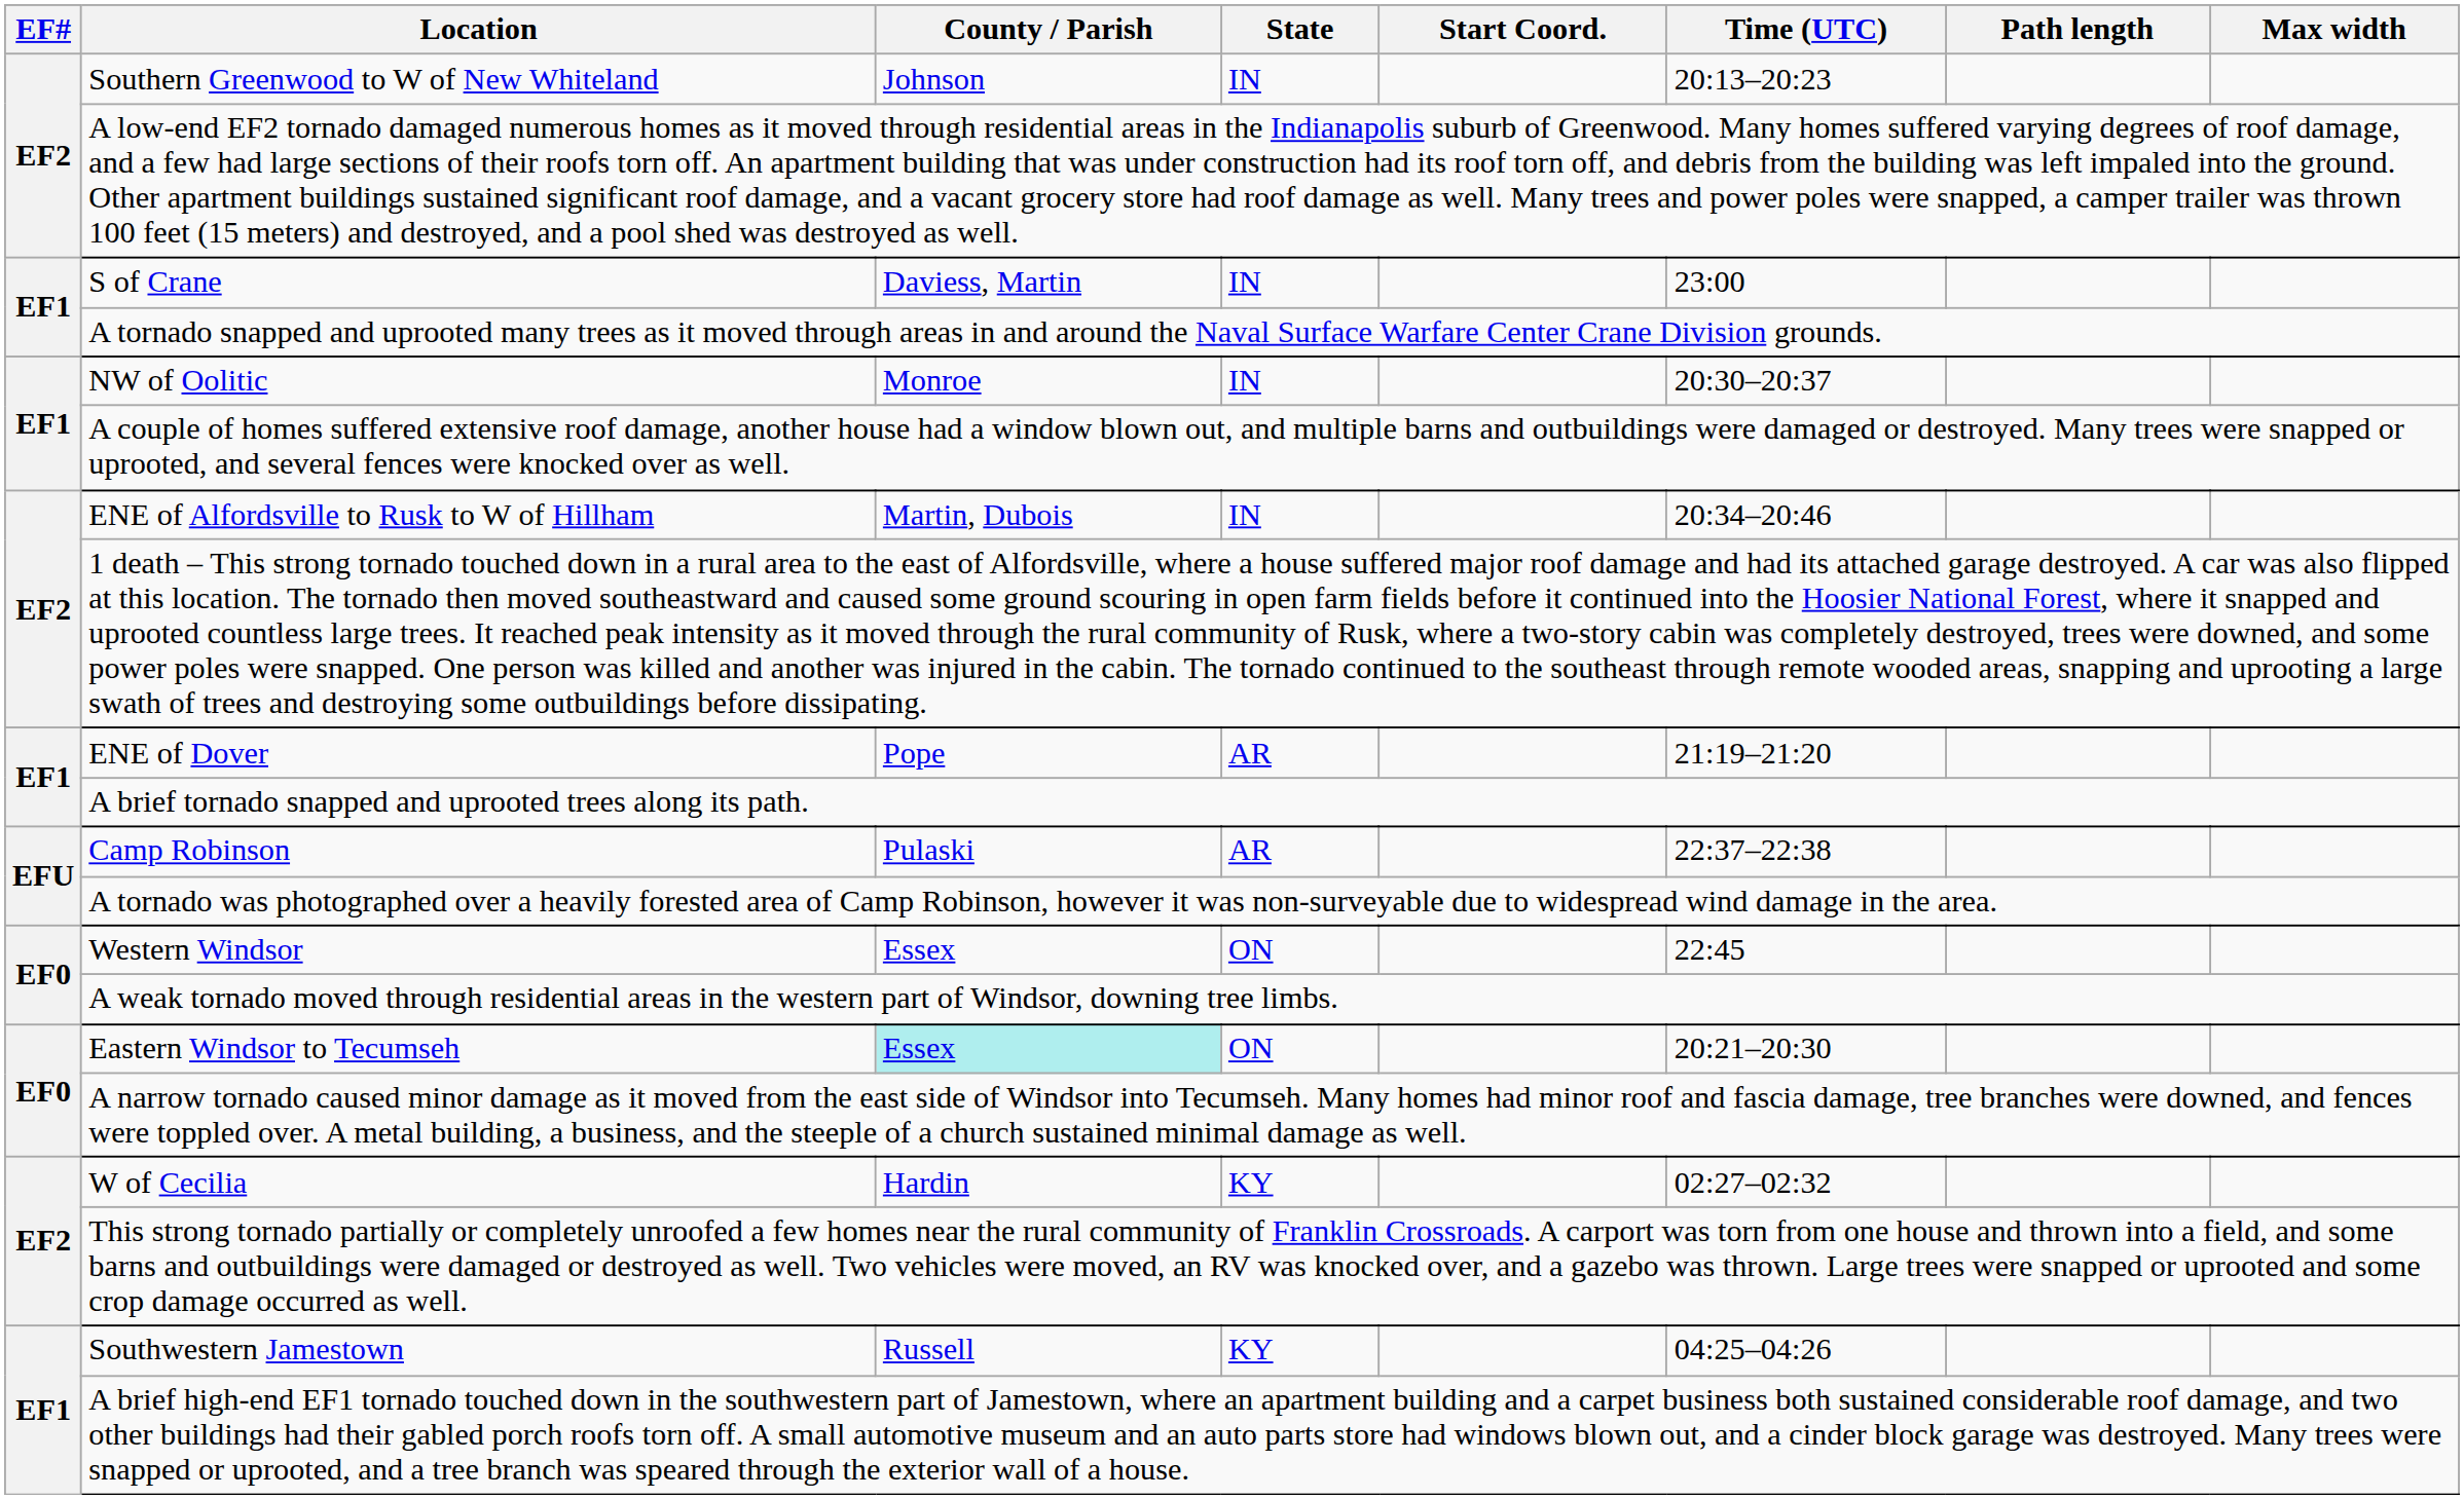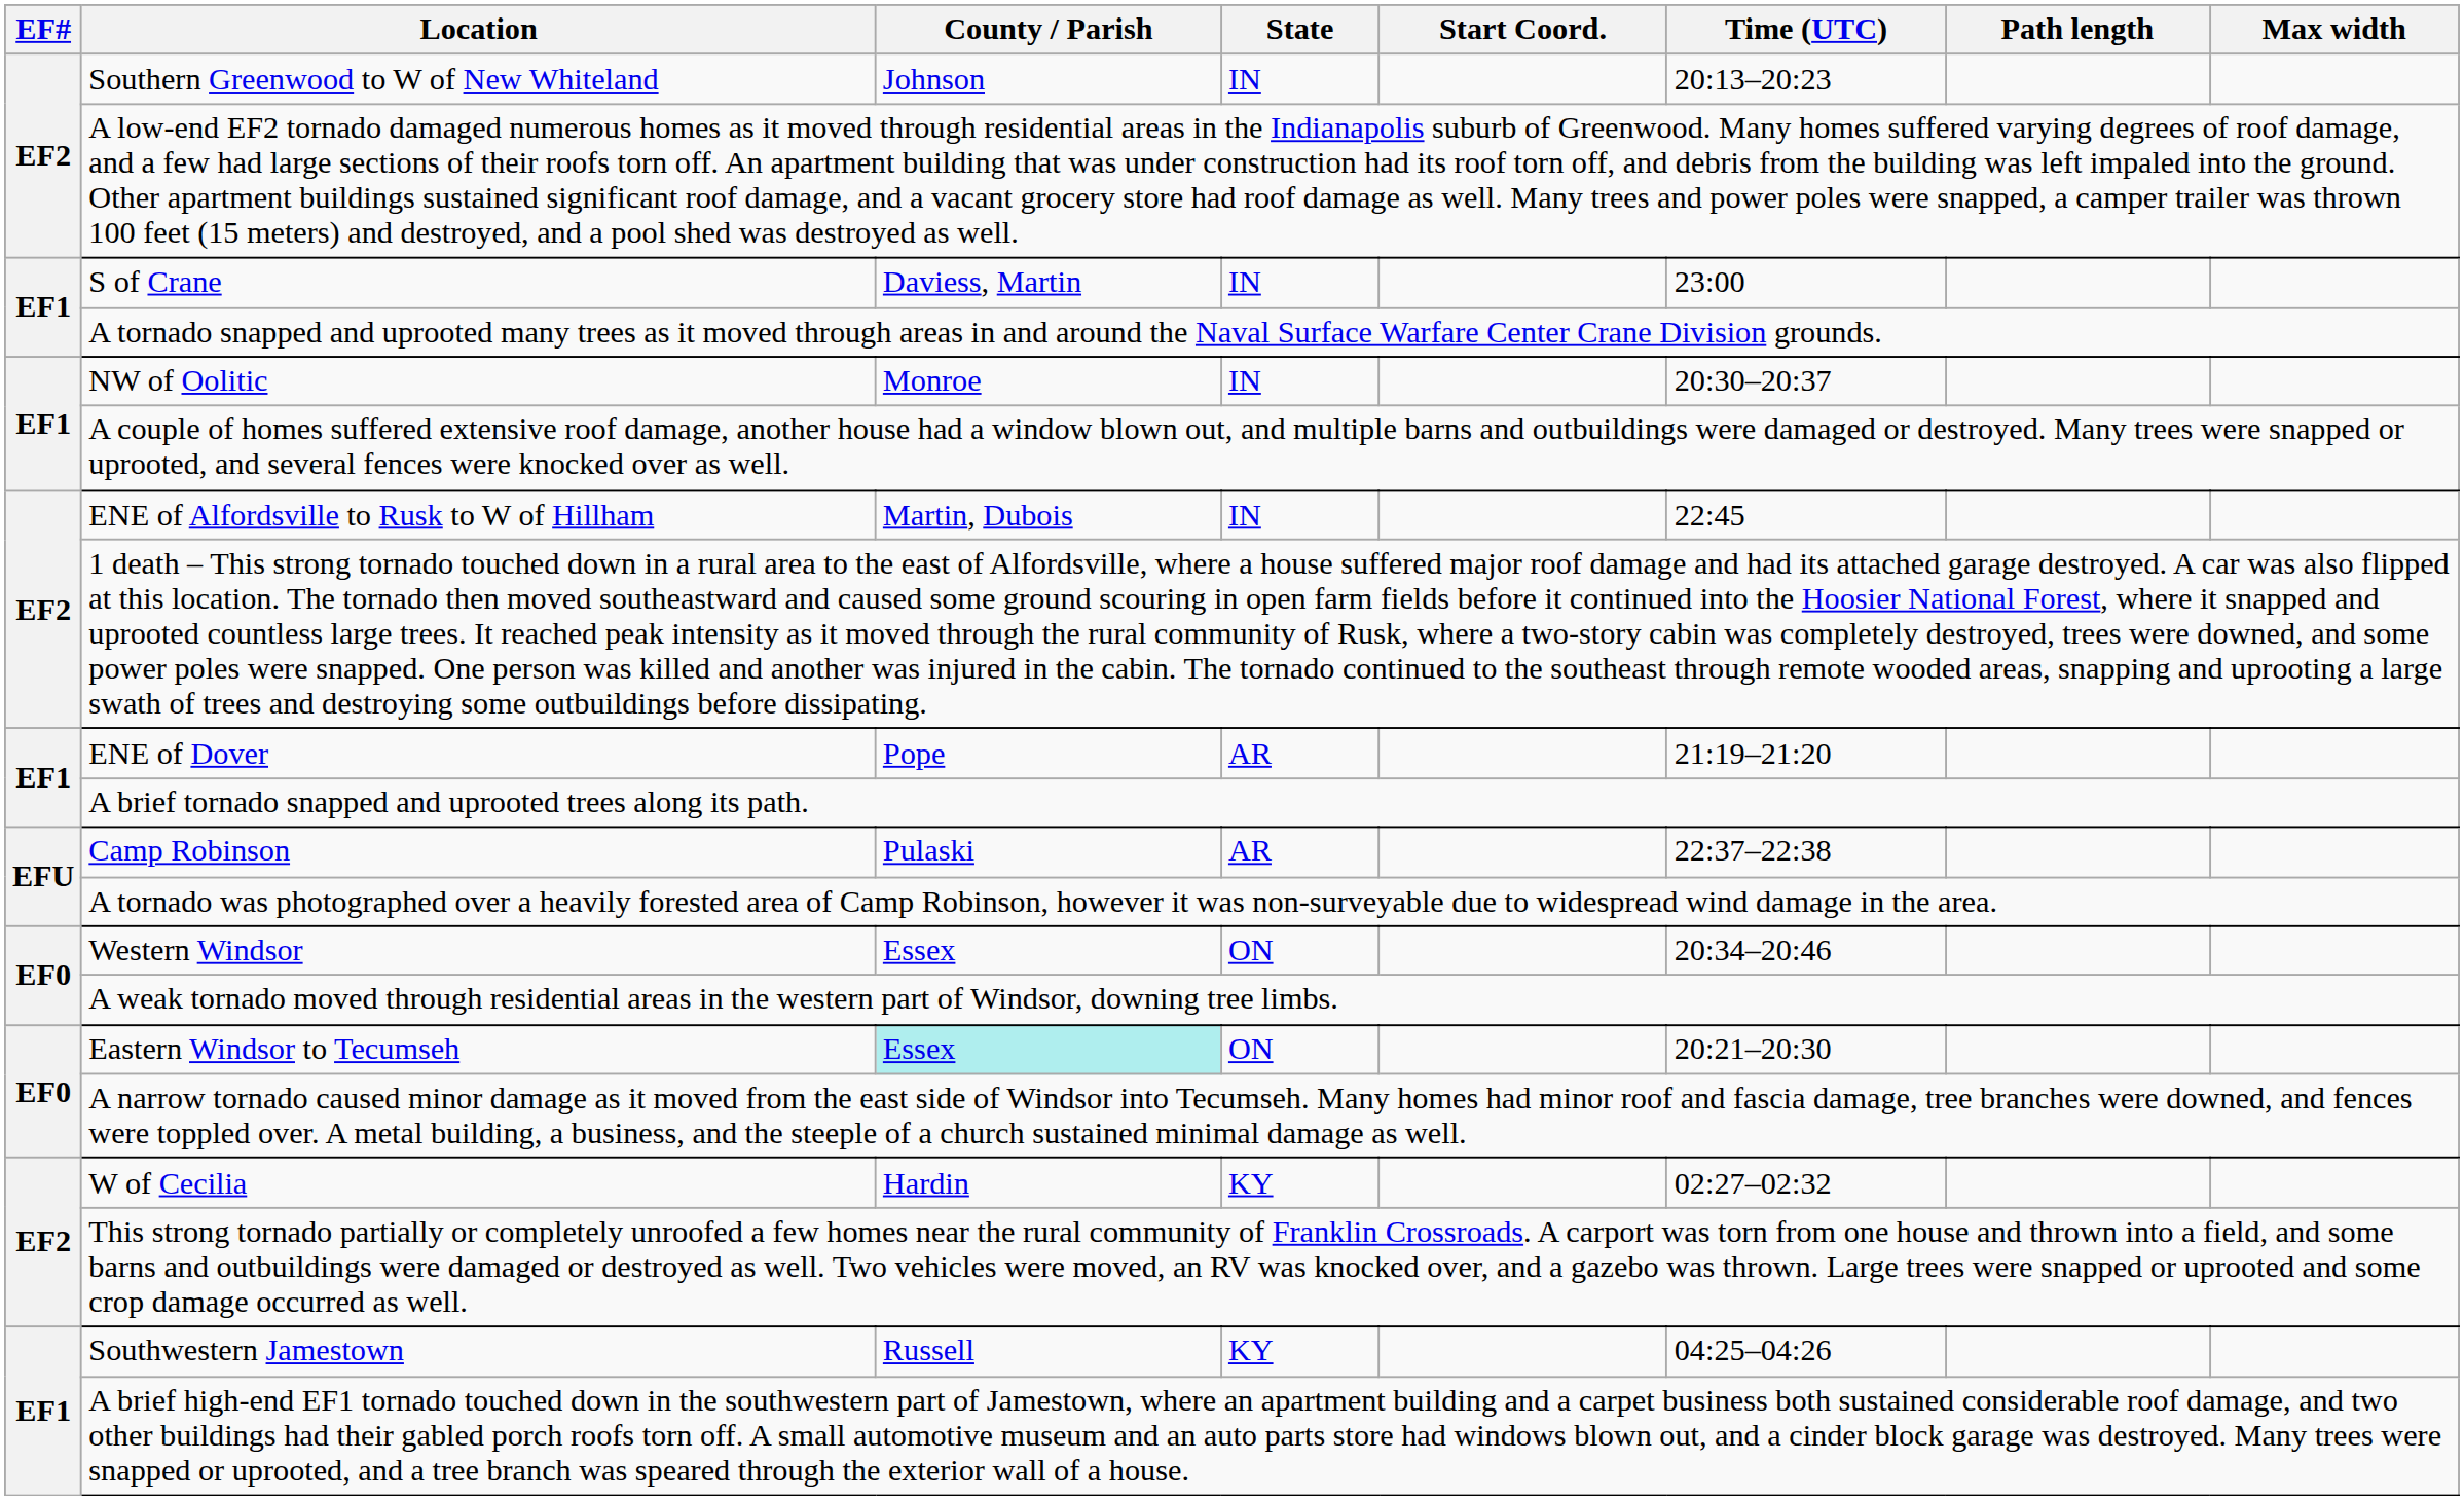 <table class="wikitable sortable" style="width:100%;">
 <tr>
 <th scope="col" width="2%" align="center"><a href='#'>EF#</a></th>
 <th scope="col" align="center" class="unsortable">Location</th>
 <th scope="col" align="center" class="unsortable">County / Parish</th>
 <th scope="col" align="center">State</th>
 <th scope="col" align="center">Start Coord.</th>
 <th scope="col" align="center">Time (<a href='#'>UTC</a>)</th>
 <th scope="col" align="center">Path length</th>
 <th scope="col" align="center">Max width</th>
 </tr>
 <tr>
 <th scope="row" rowspan="2" style="background-color:#">EF2</th>
 <td>Southern <a href='#'>Greenwood</a> to W of <a href='#'>New Whiteland</a></td>
 <td><a href='#'>Johnson</a></td>
 <td><a href='#'>IN</a></td>
 <td></td>
 <td>20:13–20:23</td>
 <td></td>
 <td></td>
 </tr>
 <tr class="expand-child">
 <td colspan="7" style=" border-bottom: 1px solid black;">A low-end EF2 tornado damaged numerous homes as it moved through residential areas in the <a href='#'>Indianapolis</a> suburb of Greenwood. Many homes suffered varying degrees of roof damage, and a few had large sections of their roofs torn off. An apartment building that was under construction had its roof torn off, and debris from the building was left impaled into the ground. Other apartment buildings sustained significant roof damage, and a vacant grocery store had roof damage as well. Many trees and power poles were snapped, a camper trailer was thrown 100 feet (15 meters) and destroyed, and a pool shed was destroyed as well.</td>
 </tr>
 <tr>
 <th scope="row" rowspan="2" style="background-color:#">EF1</th>
 <td>S of <a href='#'>Crane</a></td>
 <td><a href='#'>Daviess</a>, <a href='#'>Martin</a></td>
 <td><a href='#'>IN</a></td>
 <td></td>
 <td>23:00</td>
 <td></td>
 <td></td>
 </tr>
 <tr class="expand-child">
 <td colspan="7" style=" border-bottom: 1px solid black;">A tornado snapped and uprooted many trees as it moved through areas in and around the <a href='#'>Naval Surface Warfare Center Crane Division</a> grounds.</td>
 </tr>
 <tr>
 <th scope="row" rowspan="2" style="background-color:#">EF1</th>
 <td>NW of <a href='#'>Oolitic</a></td>
 <td><a href='#'>Monroe</a></td>
 <td><a href='#'>IN</a></td>
 <td></td>
 <td>20:30–20:37</td>
 <td></td>
 <td></td>
 </tr>
 <tr class="expand-child">
 <td colspan="7" style=" border-bottom: 1px solid black;">A couple of homes suffered extensive roof damage, another house had a window blown out, and multiple barns and outbuildings were damaged or destroyed. Many trees were snapped or uprooted, and several fences were knocked over as well.</td>
 </tr>
 <tr>
 <th scope="row" rowspan="2" style="background-color:#">EF2</th>
 <td>ENE of <a href='#'>Alfordsville</a> to <a href='#'>Rusk</a> to W of <a href='#'>Hillham</a></td>
 <td><a href='#'>Martin</a>, <a href='#'>Dubois</a></td>
 <td><a href='#'>IN</a></td>
 <td></td>
-<td>20:34–20:46</td>
+<td>22:45</td>
 <td></td>
 <td></td>
 </tr>
 <tr class="expand-child">
 <td colspan="7" style=" border-bottom: 1px solid black;">1 death – This strong tornado touched down in a rural area to the east of Alfordsville, where a house suffered major roof damage and had its attached garage destroyed. A car was also flipped at this location. The tornado then moved southeastward and caused some ground scouring in open farm fields before it continued into the <a href='#'>Hoosier National Forest</a>, where it snapped and uprooted countless large trees. It reached peak intensity as it moved through the rural community of Rusk, where a two-story cabin was completely destroyed, trees were downed, and some power poles were snapped. One person was killed and another was injured in the cabin. The tornado continued to the southeast through remote wooded areas, snapping and uprooting a large swath of trees and destroying some outbuildings before dissipating.</td>
 </tr>
 <tr>
 <th scope="row" rowspan="2" style="background-color:#">EF1</th>
 <td>ENE of <a href='#'>Dover</a></td>
 <td><a href='#'>Pope</a></td>
 <td><a href='#'>AR</a></td>
 <td></td>
 <td>21:19–21:20</td>
 <td></td>
 <td></td>
 </tr>
 <tr class="expand-child">
 <td colspan="7" style=" border-bottom: 1px solid black;">A brief tornado snapped and uprooted trees along its path.</td>
 </tr>
 <tr>
 <th scope="row" rowspan="2" style="background-color:#">EFU</th>
 <td><a href='#'>Camp Robinson</a></td>
 <td><a href='#'>Pulaski</a></td>
 <td><a href='#'>AR</a></td>
 <td></td>
 <td>22:37–22:38</td>
 <td></td>
 <td></td>
 </tr>
 <tr class="expand-child">
 <td colspan="7" style=" border-bottom: 1px solid black;">A tornado was photographed over a heavily forested area of Camp Robinson, however it was non-surveyable due to widespread wind damage in the area.</td>
 </tr>
 <tr>
 <th scope="row" rowspan="2" style="background-color:#">EF0</th>
 <td>Western <a href='#'>Windsor</a></td>
 <td><a href='#'>Essex</a></td>
 <td><a href='#'>ON</a></td>
 <td></td>
-<td>22:45</td>
+<td>20:34–20:46</td>
 <td></td>
 <td></td>
 </tr>
 <tr class="expand-child">
 <td colspan="7" style=" border-bottom: 1px solid black;">A weak tornado moved through residential areas in the western part of Windsor, downing tree limbs.</td>
 </tr>
 <tr>
 <th scope="row" rowspan="2" style="background-color:#">EF0</th>
 <td>Eastern <a href='#'>Windsor</a> to <a href='#'>Tecumseh</a></td>
 <td style="background: paleturquoise;"><a href='#'>Essex</a></td>
 <td><a href='#'>ON</a></td>
 <td></td>
 <td>20:21–20:30</td>
 <td></td>
 <td></td>
 </tr>
 <tr class="expand-child">
 <td colspan="7" style=" border-bottom: 1px solid black;">A narrow tornado caused minor damage as it moved from the east side of Windsor into Tecumseh. Many homes had minor roof and fascia damage, tree branches were downed, and fences were toppled over. A metal building, a business, and the steeple of a church sustained minimal damage as well.</td>
 </tr>
 <tr>
 <th scope="row" rowspan="2" style="background-color:#">EF2</th>
 <td>W of <a href='#'>Cecilia</a></td>
 <td><a href='#'>Hardin</a></td>
 <td><a href='#'>KY</a></td>
 <td></td>
 <td>02:27–02:32</td>
 <td></td>
 <td></td>
 </tr>
 <tr class="expand-child">
 <td colspan="7" style=" border-bottom: 1px solid black;">This strong tornado partially or completely unroofed a few homes near the rural community of <a href='#'>Franklin Crossroads</a>. A carport was torn from one house and thrown into a field, and some barns and outbuildings were damaged or destroyed as well. Two vehicles were moved, an RV was knocked over, and a gazebo was thrown. Large trees were snapped or uprooted and some crop damage occurred as well.</td>
 </tr>
 <tr>
 <th scope="row" rowspan="2" style="background-color:#">EF1</th>
 <td>Southwestern <a href='#'>Jamestown</a></td>
 <td><a href='#'>Russell</a></td>
 <td><a href='#'>KY</a></td>
 <td></td>
 <td>04:25–04:26</td>
 <td></td>
 <td></td>
 </tr>
 <tr class="expand-child">
 <td colspan="7" style=" border-bottom: 1px solid black;">A brief high-end EF1 tornado touched down in the southwestern part of Jamestown, where an apartment building and a carpet business both sustained considerable roof damage, and two other buildings had their gabled porch roofs torn off. A small automotive museum and an auto parts store had windows blown out, and a cinder block garage was destroyed. Many trees were snapped or uprooted, and a tree branch was speared through the exterior wall of a house.</td>
 </tr>
 </table>
